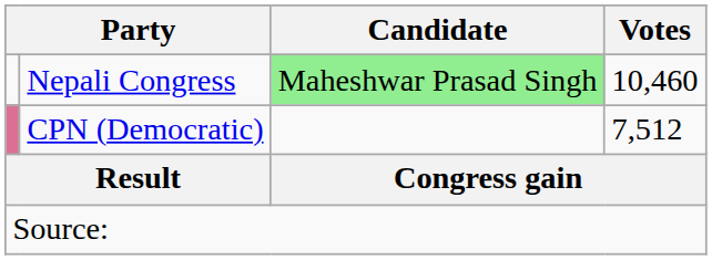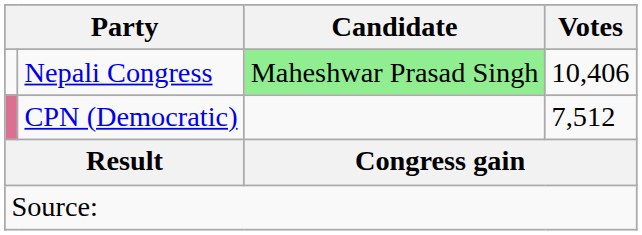 <table class="wikitable">
 <tr>
 <th colspan="2">Party</th>
 <th>Candidate</th>
 <th>Votes</th>
 </tr>
 <tr>
 <td style="background-color:"></td>
 <td><a href='#'>Nepali Congress</a></td>
 <td style="background: lightgreen;">Maheshwar Prasad Singh</td>
-<td>10,460</td>
+<td>10,406</td>
 </tr>
 <tr>
 <td style="background-color:palevioletred"></td>
 <td><a href='#'>CPN (Democratic)</a></td>
 <td></td>
 <td>7,512</td>
 </tr>
 <tr>
 <th colspan="2">Result</th>
 <th colspan="2">Congress gain</th>
 </tr>
 <tr>
 <td colspan="4">Source: </td>
 </tr>
 </table>
